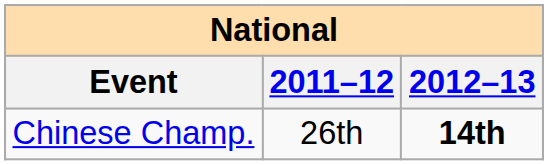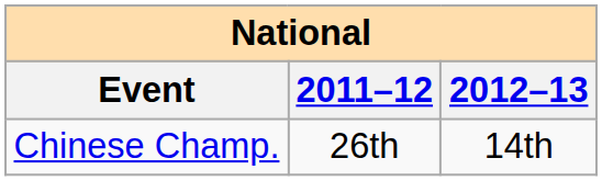 <table class="wikitable" style="text-align:center">
 <tr>
 <th style="background-color: #ffdead; " colspan=3 align=center>National</th>
 </tr>
 <tr>
 <th>Event</th>
 <th><a href='#'>2011–12</a></th>
 <th><a href='#'>2012–13</a></th>
 </tr>
 <tr>
 <td align=left><a href='#'>Chinese Champ.</a></td>
 <td>26th</td>
-<td><strong>14th</strong></td>
+<td>14th</td>
 </tr>
 </table>
